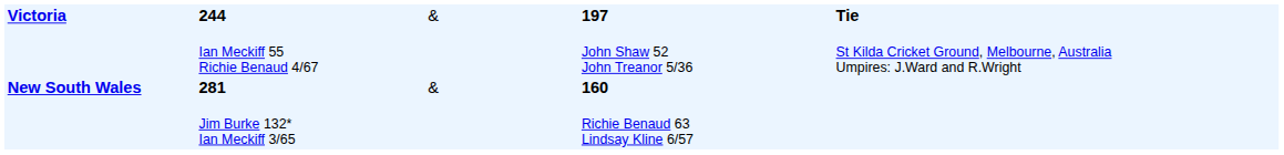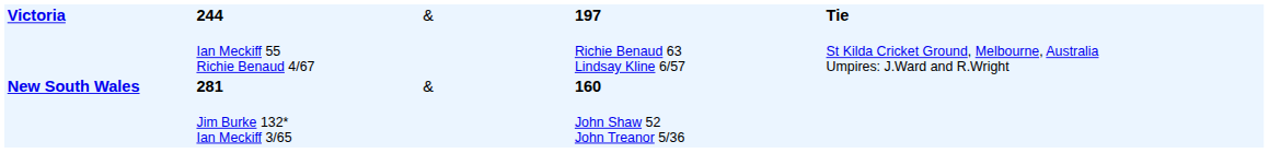 <table width="100%" style="background: #EBF5FF">
 <tr>
 <td width="15%" valign="top" rowspan="2"><strong><a href='#'>Victoria</a></strong></td>
 <td width="18%"><strong>244</strong></td>
 <td width="12%">&</td>
 <td width="20%"><strong>197</strong></td>
 <td width="35%"><strong>Tie</strong></td>
 </tr>
 <tr>
 <td style="font-size: 85%;" valign="top"><br><a href='#'>Ian Meckiff</a> 55<br> <a href='#'>Richie Benaud</a> 4/67</td>
 <td></td>
-<td style="font-size: 85%;"><br><a href='#'>John Shaw</a> 52<br> <a href='#'>John Treanor</a> 5/36</td>
+<td valign="top" style="font-size: 85%;"><br><a href='#'>Richie Benaud</a> 63<br> <a href='#'>Lindsay Kline</a> 6/57</td>
 <td valign="top" style="font-size: 85%;" rowspan="3"><br><a href='#'>St Kilda Cricket Ground</a>, <a href='#'>Melbourne</a>, <a href='#'>Australia</a><br> Umpires: J.Ward and R.Wright</td>
 </tr>
 <tr>
 <td valign="top" rowspan="2"><strong><a href='#'>New South Wales</a></strong></td>
 <td><strong>281</strong></td>
 <td>&</td>
 <td><strong>160</strong></td>
 </tr>
 <tr>
 <td style="font-size: 85%;"><br><a href='#'>Jim Burke</a> 132*<br> <a href='#'>Ian Meckiff</a> 3/65</td>
 <td></td>
-<td valign="top" style="font-size: 85%;"><br><a href='#'>Richie Benaud</a> 63<br> <a href='#'>Lindsay Kline</a> 6/57</td>
+<td style="font-size: 85%;"><br><a href='#'>John Shaw</a> 52<br> <a href='#'>John Treanor</a> 5/36</td>
 </tr>
 </table>
